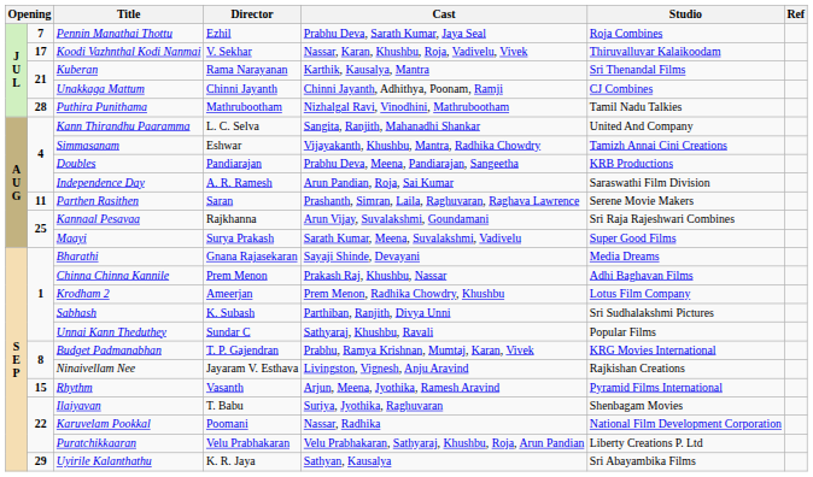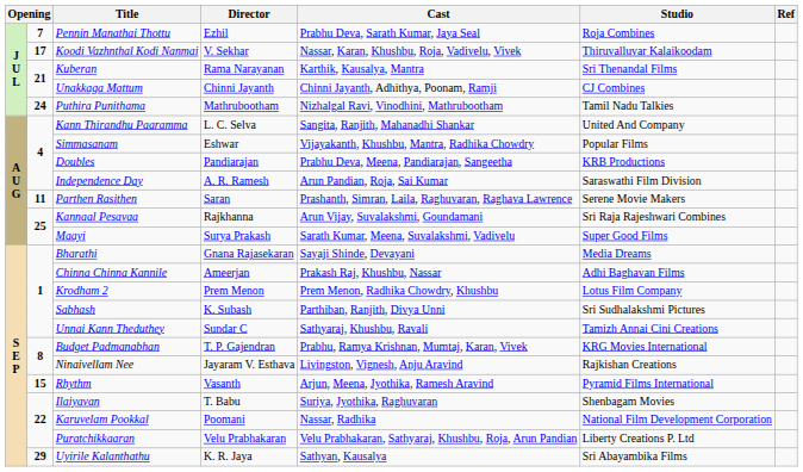 <table class="wikitable">
 <tr>
 <th colspan="2">Opening</th>
 <th>Title</th>
 <th>Director</th>
 <th>Cast</th>
 <th>Studio</th>
 <th>Ref</th>
 </tr>
 <tr July!>
 <td rowspan="5" valign="center" align="center" style="background:	#d0f0c0; textcolor:#000;"><strong>J<br>U<br>L</strong></td>
 <td rowspan="1" align="center"><strong>7</strong></td>
 <td><em><a href='#'>Pennin Manathai Thottu</a></em></td>
 <td><a href='#'>Ezhil</a></td>
 <td><a href='#'>Prabhu Deva</a>, <a href='#'>Sarath Kumar</a>, <a href='#'>Jaya Seal</a></td>
 <td><a href='#'>Roja Combines</a></td>
 <td></td>
 </tr>
 <tr>
 <td rowspan="1" align="center"><strong>17</strong></td>
 <td><em><a href='#'>Koodi Vazhnthal Kodi Nanmai</a></em></td>
 <td><a href='#'>V. Sekhar</a></td>
 <td><a href='#'>Nassar</a>, <a href='#'>Karan</a>, <a href='#'>Khushbu</a>, <a href='#'>Roja</a>, <a href='#'>Vadivelu</a>, <a href='#'>Vivek</a></td>
 <td><a href='#'>Thiruvalluvar Kalaikoodam</a></td>
 <td></td>
 </tr>
 <tr>
 <td rowspan="2" align="center"><strong>21</strong></td>
 <td><em><a href='#'>Kuberan</a></em></td>
 <td><a href='#'>Rama Narayanan</a></td>
 <td><a href='#'>Karthik</a>, <a href='#'>Kausalya</a>, <a href='#'>Mantra</a></td>
 <td><a href='#'>Sri Thenandal Films</a></td>
 <td></td>
 </tr>
 <tr>
 <td><em><a href='#'>Unakkaga Mattum</a></em></td>
 <td><a href='#'>Chinni Jayanth</a></td>
 <td><a href='#'>Chinni Jayanth</a>, Adhithya, Poonam, <a href='#'>Ramji</a></td>
 <td><a href='#'>CJ Combines</a></td>
 <td></td>
 </tr>
 <tr>
-<td rowspan="1" align="center"><strong>28</strong></td>
+<td rowspan="1" align="center"><strong>24</strong></td>
 <td><em><a href='#'>Puthira Punithama</a></em></td>
 <td><a href='#'>Mathrubootham</a></td>
 <td><a href='#'>Nizhalgal Ravi</a>, <a href='#'>Vinodhini</a>, <a href='#'>Mathrubootham</a></td>
 <td>Tamil Nadu Talkies</td>
 <td></td>
 </tr>
 <tr August!>
 <td rowspan="7" valign="center" align="center" style="background:#C2B280;"><strong>A<br>U<br>G</strong></td>
 <td rowspan="4" align="center"><strong>4</strong></td>
 <td><em><a href='#'>Kann Thirandhu Paaramma</a></em></td>
 <td>L. C. Selva</td>
 <td><a href='#'>Sangita</a>, <a href='#'>Ranjith</a>, <a href='#'>Mahanadhi Shankar</a></td>
 <td>United And Company</td>
 <td></td>
 </tr>
 <tr>
 <td><em><a href='#'>Simmasanam</a></em></td>
 <td>Eshwar</td>
 <td><a href='#'>Vijayakanth</a>, <a href='#'>Khushbu</a>, <a href='#'>Mantra</a>, <a href='#'>Radhika Chowdry</a></td>
-<td><a href='#'>Tamizh Annai Cini Creations</a></td>
+<td>Popular Films</td>
 <td></td>
 </tr>
 <tr>
 <td><em><a href='#'>Doubles</a></em></td>
 <td><a href='#'>Pandiarajan</a></td>
 <td><a href='#'>Prabhu Deva</a>, <a href='#'>Meena</a>, <a href='#'>Pandiarajan</a>, <a href='#'>Sangeetha</a></td>
 <td><a href='#'>KRB Productions</a></td>
 <td></td>
 </tr>
 <tr>
 <td><em><a href='#'>Independence Day</a></em></td>
 <td><a href='#'>A. R. Ramesh</a></td>
 <td><a href='#'>Arun Pandian</a>, <a href='#'>Roja</a>, <a href='#'>Sai Kumar</a></td>
 <td>Saraswathi Film Division</td>
 <td></td>
 </tr>
 <tr>
 <td rowspan="1" align="center"><strong>11</strong></td>
 <td><em><a href='#'>Parthen Rasithen</a></em></td>
 <td><a href='#'>Saran</a></td>
 <td><a href='#'>Prashanth</a>, <a href='#'>Simran</a>, <a href='#'>Laila</a>, <a href='#'>Raghuvaran</a>, <a href='#'>Raghava Lawrence</a></td>
 <td>Serene Movie Makers</td>
 <td></td>
 </tr>
 <tr>
 <td rowspan="2" align="center"><strong>25</strong></td>
 <td><em><a href='#'>Kannaal Pesavaa</a></em></td>
 <td>Rajkhanna</td>
 <td><a href='#'>Arun Vijay</a>, <a href='#'>Suvalakshmi</a>, <a href='#'>Goundamani</a></td>
 <td>Sri Raja Rajeshwari Combines</td>
 <td></td>
 </tr>
 <tr>
 <td><em><a href='#'>Maayi</a></em></td>
 <td><a href='#'>Surya Prakash</a></td>
 <td><a href='#'>Sarath Kumar</a>, <a href='#'>Meena</a>, <a href='#'>Suvalakshmi</a>, <a href='#'>Vadivelu</a></td>
 <td><a href='#'>Super Good Films</a></td>
 <td></td>
 </tr>
 <tr September!>
 <td rowspan="12" valign="center" align="center" style="background:#F5DEB3; textcolor:#000;"><strong>S<br>E<br>P</strong></td>
 <td rowspan="5" align="center"><strong>1</strong></td>
 <td><em><a href='#'>Bharathi</a></em></td>
 <td><a href='#'>Gnana Rajasekaran</a></td>
 <td><a href='#'>Sayaji Shinde</a>, <a href='#'>Devayani</a></td>
 <td><a href='#'>Media Dreams</a></td>
 <td></td>
 </tr>
 <tr>
 <td><em><a href='#'>Chinna Chinna Kannile</a></em></td>
-<td><a href='#'>Prem Menon</a></td>
+<td><a href='#'>Ameerjan</a></td>
 <td><a href='#'>Prakash Raj</a>, <a href='#'>Khushbu</a>, <a href='#'>Nassar</a></td>
 <td><a href='#'>Adhi Baghavan Films</a></td>
 <td></td>
 </tr>
 <tr>
 <td><em><a href='#'>Krodham 2</a></em></td>
-<td><a href='#'>Ameerjan</a></td>
+<td><a href='#'>Prem Menon</a></td>
 <td><a href='#'>Prem Menon</a>, <a href='#'>Radhika Chowdry</a>, <a href='#'>Khushbu</a></td>
 <td><a href='#'>Lotus Film Company</a></td>
 <td></td>
 </tr>
 <tr>
 <td><em><a href='#'>Sabhash</a></em></td>
 <td><a href='#'>K. Subash</a></td>
 <td><a href='#'>Parthiban</a>, <a href='#'>Ranjith</a>, <a href='#'>Divya Unni</a></td>
 <td>Sri Sudhalakshmi Pictures</td>
 <td></td>
 </tr>
 <tr>
 <td><em><a href='#'>Unnai Kann Theduthey</a></em></td>
 <td><a href='#'>Sundar C</a></td>
 <td><a href='#'>Sathyaraj</a>, <a href='#'>Khushbu</a>, <a href='#'>Ravali</a></td>
-<td>Popular Films</td>
+<td><a href='#'>Tamizh Annai Cini Creations</a></td>
 <td></td>
 </tr>
 <tr>
 <td rowspan="2" align="center"><strong>8</strong></td>
 <td><em><a href='#'>Budget Padmanabhan</a></em></td>
 <td><a href='#'>T. P. Gajendran</a></td>
 <td><a href='#'>Prabhu</a>, <a href='#'>Ramya Krishnan</a>, <a href='#'>Mumtaj</a>, <a href='#'>Karan</a>, <a href='#'>Vivek</a></td>
 <td><a href='#'>KRG Movies International</a></td>
 <td></td>
 </tr>
 <tr>
 <td><em>Ninaivellam Nee</em></td>
 <td>Jayaram V. Esthava</td>
 <td><a href='#'>Livingston</a>, <a href='#'>Vignesh</a>, <a href='#'>Anju Aravind</a></td>
 <td>Rajkishan Creations</td>
 <td></td>
 </tr>
 <tr>
 <td rowspan="1" align="center"><strong>15</strong></td>
 <td><em><a href='#'>Rhythm</a></em></td>
 <td><a href='#'>Vasanth</a></td>
 <td><a href='#'>Arjun</a>, <a href='#'>Meena</a>, <a href='#'>Jyothika</a>, <a href='#'>Ramesh Aravind</a></td>
 <td><a href='#'>Pyramid Films International</a></td>
 <td></td>
 </tr>
 <tr>
 <td rowspan="3" align="center"><strong>22</strong></td>
 <td><em><a href='#'>Ilaiyavan</a></em></td>
 <td>T. Babu</td>
 <td><a href='#'>Suriya</a>, <a href='#'>Jyothika</a>, <a href='#'>Raghuvaran</a></td>
 <td>Shenbagam Movies</td>
 <td></td>
 </tr>
 <tr>
 <td><em><a href='#'>Karuvelam Pookkal</a></em></td>
 <td><a href='#'>Poomani</a></td>
 <td><a href='#'>Nassar</a>, <a href='#'>Radhika</a></td>
 <td><a href='#'>National Film Development Corporation</a></td>
 <td></td>
 </tr>
 <tr>
 <td><em><a href='#'>Puratchikkaaran</a></em></td>
 <td><a href='#'>Velu Prabhakaran</a></td>
 <td><a href='#'>Velu Prabhakaran</a>, <a href='#'>Sathyaraj</a>, <a href='#'>Khushbu</a>, <a href='#'>Roja</a>, <a href='#'>Arun Pandian</a></td>
 <td>Liberty Creations P. Ltd</td>
 <td></td>
 </tr>
 <tr>
 <td rowspan="1" align="center"><strong>29</strong></td>
 <td><em><a href='#'>Uyirile Kalanthathu</a></em></td>
 <td>K. R. Jaya</td>
 <td><a href='#'>Sathyan</a>, <a href='#'>Kausalya</a></td>
 <td>Sri Abayambika Films</td>
 <td></td>
 </tr>
 </table>
